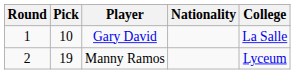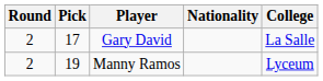 <table class="wikitable sortable sortable">
 <tr>
 <th>Round</th>
 <th>Pick</th>
 <th>Player</th>
 <th>Nationality</th>
 <th>College</th>
 </tr>
 <tr style="text-align: center">
-<td>1</td>
-<td>10</td>
+<td>2</td>
+<td>17</td>
 <td><a href='#'>Gary David</a></td>
 <td></td>
 <td><a href='#'>La Salle</a></td>
 </tr>
 <tr style="text-align: center">
 <td>2</td>
 <td>19</td>
 <td>Manny Ramos</td>
 <td></td>
 <td><a href='#'>Lyceum</a></td>
 </tr>
 </table>
